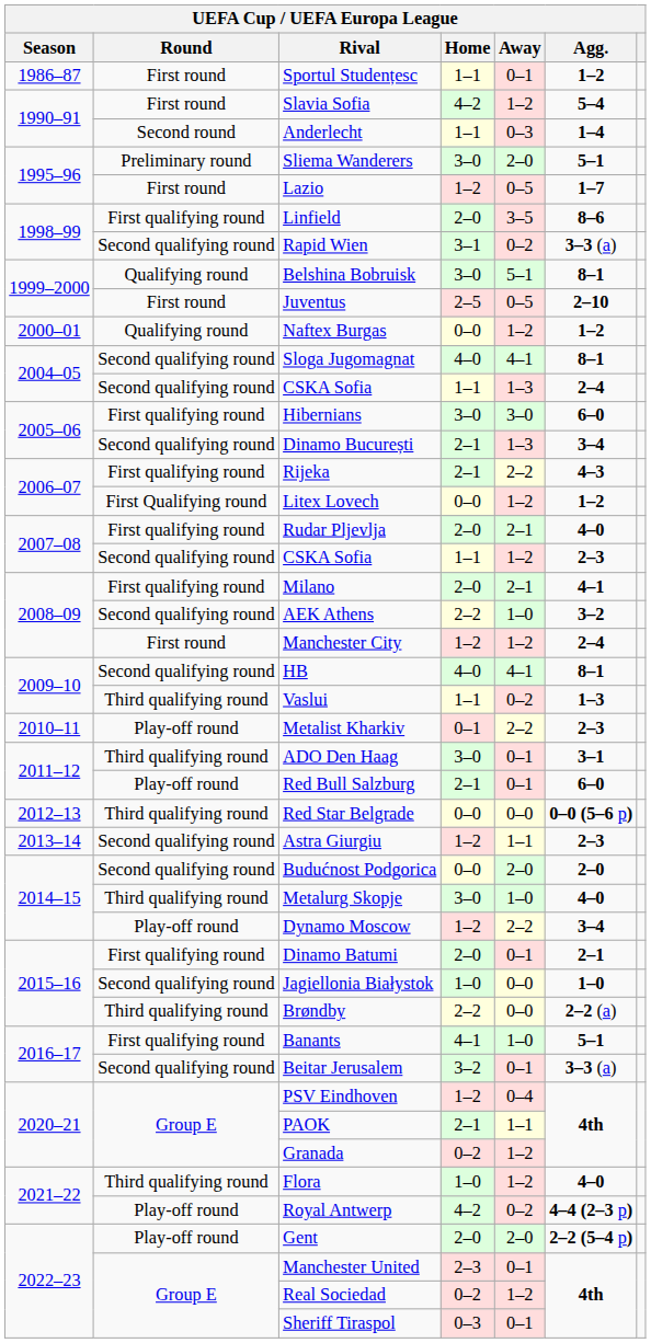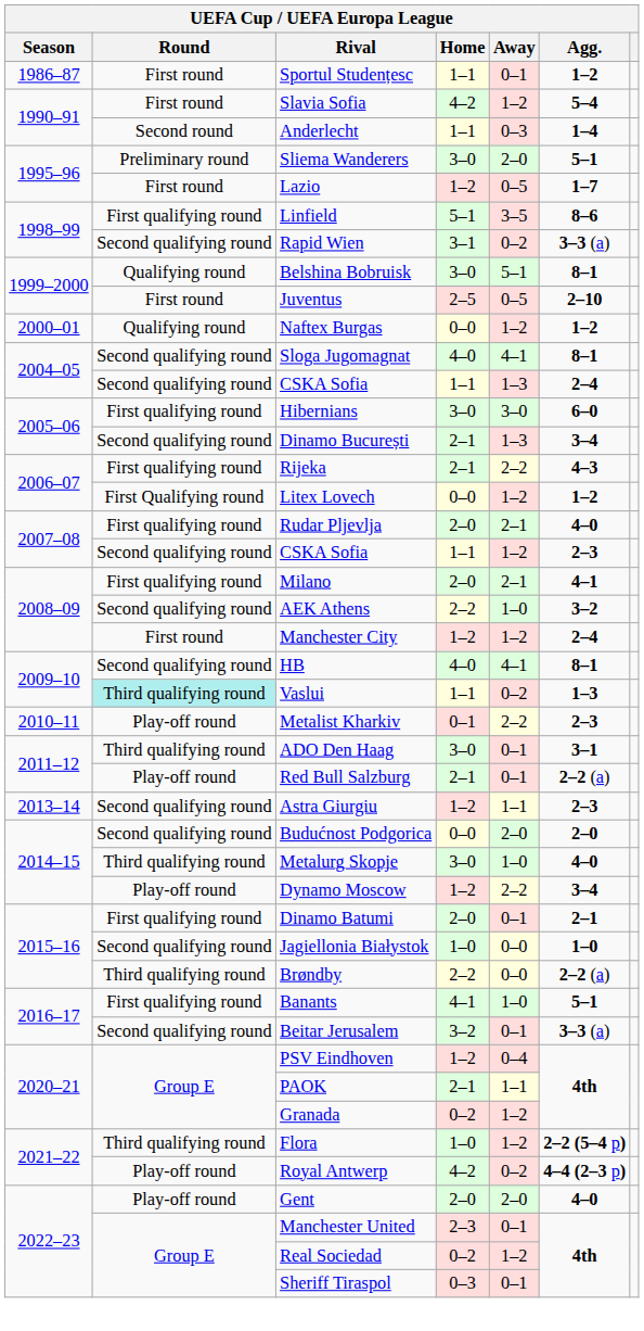 <table class="wikitable">
 <tr>
 <th colspan=7>UEFA Cup / UEFA Europa League</th>
 </tr>
 <tr>
 <th>Season</th>
 <th>Round</th>
 <th>Rival</th>
 <th>Home</th>
 <th>Away</th>
 <th>Agg.</th>
 <th></th>
 </tr>
 <tr>
 <td style="text-align:center;"><a href='#'>1986–87</a></td>
 <td style="text-align:center;">First round</td>
 <td> <a href='#'>Sportul Studențesc</a></td>
 <td style="text-align:center; background:#ffd;">1–1</td>
 <td style="text-align:center; background:#fdd;">0–1</td>
 <td style="text-align:center;"><strong>1–2</strong></td>
 <td></td>
 </tr>
 <tr>
 <td style="text-align:center;" rowspan=2><a href='#'>1990–91</a></td>
 <td style="text-align:center;">First round</td>
 <td> <a href='#'>Slavia Sofia</a></td>
 <td style="text-align:center; background:#dfd;">4–2</td>
 <td style="text-align:center; background:#fdd;">1–2</td>
 <td style="text-align:center;"><strong>5–4</strong></td>
 <td></td>
 </tr>
 <tr>
 <td style="text-align:center;">Second round</td>
 <td> <a href='#'>Anderlecht</a></td>
 <td style="text-align:center; background:#ffd;">1–1</td>
 <td style="text-align:center; background:#fdd;">0–3</td>
 <td style="text-align:center;"><strong>1–4</strong></td>
 <td></td>
 </tr>
 <tr>
 <td style="text-align:center;" rowspan=2><a href='#'>1995–96</a></td>
 <td style="text-align:center;">Preliminary round</td>
 <td> <a href='#'>Sliema Wanderers</a></td>
 <td style="text-align:center; background:#dfd;">3–0</td>
 <td style="text-align:center; background:#dfd;">2–0</td>
 <td style="text-align:center;"><strong>5–1</strong></td>
 <td></td>
 </tr>
 <tr>
 <td style="text-align:center;">First round</td>
 <td> <a href='#'>Lazio</a></td>
 <td style="text-align:center; background:#fdd;">1–2</td>
 <td style="text-align:center; background:#fdd;">0–5</td>
 <td style="text-align:center;"><strong>1–7</strong></td>
 <td></td>
 </tr>
 <tr>
 <td style="text-align:center;" rowspan=2><a href='#'>1998–99</a></td>
 <td style="text-align:center;">First qualifying round</td>
 <td> <a href='#'>Linfield</a></td>
-<td style="text-align:center; background:#dfd;">2–0</td>
+<td style="text-align:center; background:#dfd;">5–1</td>
 <td style="text-align:center; background:#fdd;">3–5</td>
 <td style="text-align:center;"><strong>8–6</strong></td>
 <td></td>
 </tr>
 <tr>
 <td style="text-align:center;">Second qualifying round</td>
 <td> <a href='#'>Rapid Wien</a></td>
 <td style="text-align:center; background:#dfd;">3–1</td>
 <td style="text-align:center; background:#fdd;">0–2</td>
 <td style="text-align:center;"><strong>3–3</strong> (<a href='#'>a</a>)</td>
 <td></td>
 </tr>
 <tr>
 <td style="text-align:center;" rowspan=2><a href='#'>1999–2000</a></td>
 <td style="text-align:center;">Qualifying round</td>
 <td> <a href='#'>Belshina Bobruisk</a></td>
 <td style="text-align:center; background:#dfd;">3–0</td>
 <td style="text-align:center; background:#dfd;">5–1</td>
 <td style="text-align:center;"><strong>8–1</strong></td>
 <td></td>
 </tr>
 <tr>
 <td style="text-align:center;">First round</td>
 <td> <a href='#'>Juventus</a></td>
 <td style="text-align:center; background:#fdd;">2–5</td>
 <td style="text-align:center; background:#fdd;">0–5</td>
 <td style="text-align:center;"><strong>2–10</strong></td>
 <td></td>
 </tr>
 <tr>
 <td style="text-align:center;"><a href='#'>2000–01</a></td>
 <td style="text-align:center;">Qualifying round</td>
 <td> <a href='#'>Naftex Burgas</a></td>
 <td style="text-align:center; background:#ffd;">0–0</td>
 <td style="text-align:center; background:#fdd;">1–2</td>
 <td style="text-align:center;"><strong>1–2</strong></td>
 <td></td>
 </tr>
 <tr>
 <td style="text-align:center;" rowspan=2><a href='#'>2004–05</a></td>
 <td style="text-align:center;">Second qualifying round</td>
 <td> <a href='#'>Sloga Jugomagnat</a></td>
 <td style="text-align:center; background:#dfd;">4–0</td>
 <td style="text-align:center; background:#dfd;">4–1</td>
 <td style="text-align:center;"><strong>8–1</strong></td>
 <td></td>
 </tr>
 <tr>
 <td style="text-align:center;">Second qualifying round</td>
 <td> <a href='#'>CSKA Sofia</a></td>
 <td style="text-align:center; background:#ffd;">1–1</td>
 <td style="text-align:center; background:#fdd;">1–3</td>
 <td style="text-align:center;"><strong>2–4</strong></td>
 <td></td>
 </tr>
 <tr>
 <td style="text-align:center;" rowspan=2><a href='#'>2005–06</a></td>
 <td style="text-align:center;">First qualifying round</td>
 <td> <a href='#'>Hibernians</a></td>
 <td style="text-align:center; background:#dfd;">3–0</td>
 <td style="text-align:center; background:#dfd;">3–0</td>
 <td style="text-align:center;"><strong>6–0</strong></td>
 <td></td>
 </tr>
 <tr>
 <td style="text-align:center;">Second qualifying round</td>
 <td> <a href='#'>Dinamo București</a></td>
 <td style="text-align:center; background:#dfd;">2–1</td>
 <td style="text-align:center; background:#fdd;">1–3</td>
 <td style="text-align:center;"><strong>3–4</strong></td>
 <td></td>
 </tr>
 <tr>
 <td style="text-align:center;" rowspan=2><a href='#'>2006–07</a></td>
 <td style="text-align:center;">First qualifying round</td>
 <td> <a href='#'>Rijeka</a></td>
 <td style="text-align:center; background:#dfd;">2–1</td>
 <td style="text-align:center; background:#ffd;">2–2</td>
 <td style="text-align:center;"><strong>4–3</strong></td>
 <td></td>
 </tr>
 <tr>
 <td style="text-align:center;">First Qualifying round</td>
 <td> <a href='#'>Litex Lovech</a></td>
 <td style="text-align:center; background:#ffd;">0–0</td>
 <td style="text-align:center; background:#fdd;">1–2</td>
 <td style="text-align:center;"><strong>1–2</strong></td>
 <td></td>
 </tr>
 <tr>
 <td style="text-align:center;" rowspan=2><a href='#'>2007–08</a></td>
 <td style="text-align:center;">First qualifying round</td>
 <td> <a href='#'>Rudar Pljevlja</a></td>
 <td style="text-align:center; background:#dfd;">2–0</td>
 <td style="text-align:center; background:#dfd;">2–1</td>
 <td style="text-align:center;"><strong>4–0</strong></td>
 <td></td>
 </tr>
 <tr>
 <td style="text-align:center;">Second qualifying round</td>
 <td> <a href='#'>CSKA Sofia</a></td>
 <td style="text-align:center; background:#ffd;">1–1</td>
 <td style="text-align:center; background:#fdd;">1–2</td>
 <td style="text-align:center;"><strong>2–3</strong></td>
 <td></td>
 </tr>
 <tr>
 <td style="text-align:center;" rowspan=3><a href='#'>2008–09</a></td>
 <td style="text-align:center;">First qualifying round</td>
 <td> <a href='#'>Milano</a></td>
 <td style="text-align:center; background:#dfd;">2–0</td>
 <td style="text-align:center; background:#dfd;">2–1</td>
 <td style="text-align:center;"><strong>4–1</strong></td>
 <td></td>
 </tr>
 <tr>
 <td style="text-align:center;">Second qualifying round</td>
 <td> <a href='#'>AEK Athens</a></td>
 <td style="text-align:center; background:#ffd;">2–2</td>
 <td style="text-align:center; background:#dfd;">1–0</td>
 <td style="text-align:center;"><strong>3–2</strong></td>
 <td></td>
 </tr>
 <tr>
 <td style="text-align:center;">First round</td>
 <td> <a href='#'>Manchester City</a></td>
 <td style="text-align:center; background:#fdd;">1–2</td>
 <td style="text-align:center; background:#fdd;">1–2</td>
 <td style="text-align:center;"><strong>2–4</strong></td>
 <td></td>
 </tr>
 <tr>
 <td style="text-align:center;" rowspan=2><a href='#'>2009–10</a></td>
 <td style="text-align:center;">Second qualifying round</td>
 <td> <a href='#'>HB</a></td>
 <td style="text-align:center; background:#dfd;">4–0</td>
 <td style="text-align:center; background:#dfd;">4–1</td>
 <td style="text-align:center;"><strong>8–1</strong></td>
 <td></td>
 </tr>
 <tr>
-<td style="text-align:center;">Third qualifying round</td>
+<td style="background: paleturquoise; text-align:center;">Third qualifying round</td>
 <td> <a href='#'>Vaslui</a></td>
 <td style="text-align:center; background:#ffd;">1–1</td>
 <td style="text-align:center; background:#fdd;">0–2</td>
 <td style="text-align:center;"><strong>1–3</strong></td>
 <td></td>
 </tr>
 <tr>
 <td style="text-align:center;"><a href='#'>2010–11</a></td>
 <td style="text-align:center;">Play-off round</td>
 <td> <a href='#'>Metalist Kharkiv</a></td>
 <td style="text-align:center; background:#fdd;">0–1</td>
 <td style="text-align:center; background:#ffd;">2–2</td>
 <td style="text-align:center;"><strong>2–3</strong></td>
 <td></td>
 </tr>
 <tr>
 <td style="text-align:center;" rowspan=2><a href='#'>2011–12</a></td>
 <td style="text-align:center;">Third qualifying round</td>
 <td> <a href='#'>ADO Den Haag</a></td>
 <td style="text-align:center; background:#dfd;">3–0</td>
 <td style="text-align:center; background:#fdd;">0–1</td>
 <td style="text-align:center;"><strong>3–1</strong></td>
 <td></td>
 </tr>
 <tr>
 <td style="text-align:center;">Play-off round</td>
 <td> <a href='#'>Red Bull Salzburg</a></td>
 <td style="text-align:center; background:#dfd;">2–1</td>
 <td style="text-align:center; background:#fdd;">0–1</td>
-<td style="text-align:center;"><strong>6–0</strong></td>
-<td></td>
-</tr>
-<tr>
-<td style="text-align:center;"><a href='#'>2012–13</a></td>
-<td style="text-align:center;">Third qualifying round</td>
-<td> <a href='#'>Red Star Belgrade</a></td>
-<td style="text-align:center; background:#ffd;">0–0 </td>
-<td style="text-align:center; background:#ffd;">0–0</td>
-<td style="text-align:center;"><strong>0–0 (5–6</strong> <a href='#'>p</a><strong>)</strong></td>
+<td style="text-align:center;"><strong>2–2</strong> (<a href='#'>a</a>)</td>
 <td></td>
 </tr>
 <tr>
 <td style="text-align:center;"><a href='#'>2013–14</a></td>
 <td style="text-align:center;">Second qualifying round</td>
 <td> <a href='#'>Astra Giurgiu</a></td>
 <td style="text-align:center; background:#fdd;">1–2</td>
 <td style="text-align:center; background:#ffd;">1–1</td>
 <td style="text-align:center;"><strong>2–3</strong></td>
 <td></td>
 </tr>
 <tr>
 <td style="text-align:center;" rowspan=3><a href='#'>2014–15</a></td>
 <td style="text-align:center;">Second qualifying round</td>
 <td> <a href='#'>Budućnost Podgorica</a></td>
 <td style="text-align:center; background:#ffd;">0–0</td>
 <td style="text-align:center; background:#dfd;">2–0</td>
 <td style="text-align:center;"><strong>2–0</strong></td>
 <td></td>
 </tr>
 <tr>
 <td style="text-align:center;">Third qualifying round</td>
 <td> <a href='#'>Metalurg Skopje</a></td>
 <td style="text-align:center; background:#dfd;">3–0</td>
 <td style="text-align:center; background:#dfd;">1–0</td>
 <td style="text-align:center;"><strong>4–0</strong></td>
 <td></td>
 </tr>
 <tr>
 <td style="text-align:center;">Play-off round</td>
 <td> <a href='#'>Dynamo Moscow</a></td>
 <td style="text-align:center; background:#fdd;">1–2</td>
 <td style="text-align:center; background:#ffd;">2–2</td>
 <td style="text-align:center;"><strong>3–4</strong></td>
 <td></td>
 </tr>
 <tr>
 <td style="text-align:center;" rowspan=3><a href='#'>2015–16</a></td>
 <td style="text-align:center;">First qualifying round</td>
 <td> <a href='#'>Dinamo Batumi</a></td>
 <td style="text-align:center; background:#dfd;">2–0</td>
 <td style="text-align:center; background:#fdd;">0–1</td>
 <td style="text-align:center;"><strong>2–1</strong></td>
 <td></td>
 </tr>
 <tr>
 <td style="text-align:center;">Second qualifying round</td>
 <td> <a href='#'>Jagiellonia Białystok</a></td>
 <td style="text-align:center; background:#dfd;">1–0</td>
 <td style="text-align:center; background:#ffd;">0–0</td>
 <td style="text-align:center;"><strong>1–0</strong></td>
 <td></td>
 </tr>
 <tr>
 <td style="text-align:center;">Third qualifying round</td>
 <td> <a href='#'>Brøndby</a></td>
 <td style="text-align:center; background:#ffd;">2–2</td>
 <td style="text-align:center; background:#ffd;">0–0</td>
 <td style="text-align:center;"><strong>2–2</strong> (<a href='#'>a</a>)</td>
 <td></td>
 </tr>
 <tr>
 <td style="text-align:center;" rowspan=2><a href='#'>2016–17</a></td>
 <td style="text-align:center;">First qualifying round</td>
 <td> <a href='#'>Banants</a></td>
 <td style="text-align:center; background:#dfd;">4–1</td>
 <td style="text-align:center; background:#dfd;">1–0</td>
 <td style="text-align:center;"><strong>5–1</strong></td>
 <td></td>
 </tr>
 <tr>
 <td style="text-align:center;">Second qualifying round</td>
 <td> <a href='#'>Beitar Jerusalem</a></td>
 <td style="text-align:center; background:#dfd;">3–2</td>
 <td style="text-align:center; background:#fdd;">0–1</td>
 <td style="text-align:center;"><strong>3–3</strong> (<a href='#'>a</a>)</td>
 <td></td>
 </tr>
 <tr>
 <td style="text-align:center;" rowspan=3><a href='#'>2020–21</a></td>
 <td style="text-align:center;" rowspan=3><a href='#'>Group E</a></td>
 <td> <a href='#'>PSV Eindhoven</a></td>
 <td style="text-align:center; background:#fdd">1–2</td>
 <td style="text-align:center; background:#fdd">0–4</td>
 <td rowspan="3" style="text-align:center;"><strong>4th</strong></td>
 <td rowspan="3"></td>
 </tr>
 <tr>
 <td> <a href='#'>PAOK</a></td>
 <td style="text-align:center; background:#dfd">2–1</td>
 <td style="text-align:center; background:#ffd">1–1</td>
 </tr>
 <tr>
 <td> <a href='#'>Granada</a></td>
 <td style="text-align:center; background:#fdd">0–2</td>
 <td style="text-align:center; background:#fdd">1–2</td>
 </tr>
 <tr>
 <td style="text-align:center;" rowspan=2><a href='#'>2021–22</a></td>
 <td style="text-align:center;">Third qualifying round</td>
 <td> <a href='#'>Flora</a></td>
 <td style="text-align:center; background:#dfd;">1–0</td>
 <td style="text-align:center; background:#fdd;">1–2 </td>
-<td style="text-align:center;"><strong>4–0</strong></td>
+<td style="text-align:center;"><strong>2–2 (5–4</strong> <a href='#'>p</a><strong>)</strong></td>
 <td></td>
 </tr>
 <tr>
 <td style="text-align:center;">Play-off round</td>
 <td> <a href='#'>Royal Antwerp</a></td>
 <td style="text-align:center; background:#dfd;">4–2</td>
 <td style="text-align:center; background:#fdd;">0–2 </td>
 <td style="text-align:center;"><strong>4–4 (2–3</strong> <a href='#'>p</a><strong>)</strong></td>
 <td></td>
 </tr>
 <tr>
 <td rowspan="4" style="text-align:center;"><a href='#'>2022–23</a></td>
 <td style="text-align:center;">Play-off round</td>
 <td> <a href='#'>Gent</a></td>
 <td style="text-align:center; background:#dfd;">2–0</td>
 <td style="text-align:center; background:#dfd;">2–0</td>
-<td style="text-align:center;"><strong>2–2 (5–4</strong> <a href='#'>p</a><strong>)</strong></td>
+<td style="text-align:center;"><strong>4–0</strong></td>
 <td></td>
 </tr>
 <tr>
 <td style="text-align:center;" rowspan=3><a href='#'>Group E</a></td>
 <td> <a href='#'>Manchester United</a></td>
 <td style="text-align:center; background:#fdd;">2–3</td>
 <td style="text-align:center; background:#fdd;">0–1</td>
 <td rowspan="3" style="text-align:center;"><strong>4th</strong></td>
 <td rowspan="3"></td>
 </tr>
 <tr>
 <td> <a href='#'>Real Sociedad</a></td>
 <td style="text-align:center; background:#fdd;">0–2</td>
 <td style="text-align:center; background:#fdd;">1–2</td>
 </tr>
 <tr>
 <td> <a href='#'>Sheriff Tiraspol</a></td>
 <td style="text-align:center; background:#fdd;">0–3</td>
 <td style="text-align:center; background:#fdd;">0–1</td>
 </tr>
 </table>
